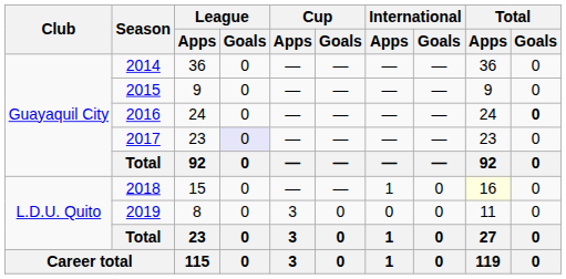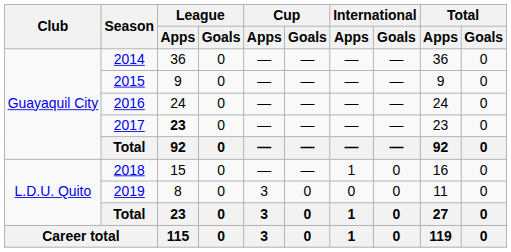 <table class="wikitable" style="text-align: center;">
 <tr>
 <th rowspan="2">Club</th>
 <th rowspan="2">Season</th>
 <th colspan="2">League</th>
 <th colspan="2">Cup</th>
 <th colspan="2">International</th>
 <th colspan="2">Total</th>
 </tr>
 <tr>
 <th>Apps</th>
 <th>Goals</th>
 <th>Apps</th>
 <th>Goals</th>
 <th>Apps</th>
 <th>Goals</th>
 <th>Apps</th>
 <th>Goals</th>
 </tr>
 <tr>
 <td rowspan="5"><a href='#'>Guayaquil City</a></td>
 <td><a href='#'>2014</a></td>
 <td>36</td>
 <td>0</td>
 <td>—</td>
 <td>—</td>
 <td>—</td>
 <td>—</td>
 <td>36</td>
 <td>0</td>
 </tr>
 <tr>
 <td><a href='#'>2015</a></td>
 <td>9</td>
 <td>0</td>
 <td>—</td>
 <td>—</td>
 <td>—</td>
 <td>—</td>
 <td>9</td>
 <td>0</td>
 </tr>
 <tr>
 <td><a href='#'>2016</a></td>
 <td>24</td>
 <td>0</td>
 <td>—</td>
 <td>—</td>
 <td>—</td>
 <td>—</td>
 <td>24</td>
-<td><strong>0</strong></td>
+<td>0</td>
 </tr>
 <tr>
 <td><a href='#'>2017</a></td>
-<td>23</td>
-<td style="background: lavender;">0</td>
+<td><strong>23</strong></td>
+<td>0</td>
 <td>—</td>
 <td>—</td>
 <td>—</td>
 <td>—</td>
 <td>23</td>
 <td>0</td>
 </tr>
 <tr>
 <th>Total</th>
 <th>92</th>
 <th>0</th>
 <th>—</th>
 <th>—</th>
 <th>—</th>
 <th>—</th>
 <th>92</th>
 <th>0</th>
 </tr>
 <tr>
 <td rowspan="3"><a href='#'>L.D.U. Quito</a></td>
 <td><a href='#'>2018</a></td>
 <td>15</td>
 <td>0</td>
 <td>—</td>
 <td>—</td>
 <td>1</td>
 <td>0</td>
-<td style="background: lightyellow;">16</td>
+<td>16</td>
 <td>0</td>
 </tr>
 <tr>
 <td><a href='#'>2019</a></td>
 <td>8</td>
 <td>0</td>
 <td>3</td>
 <td>0</td>
 <td>0</td>
 <td>0</td>
 <td>11</td>
 <td>0</td>
 </tr>
 <tr>
 <th>Total</th>
 <th>23</th>
 <th>0</th>
 <th>3</th>
 <th>0</th>
 <th>1</th>
 <th>0</th>
 <th>27</th>
 <th>0</th>
 </tr>
 <tr>
 <th colspan="2">Career total</th>
 <th>115</th>
 <th>0</th>
 <th>3</th>
 <th>0</th>
 <th>1</th>
 <th>0</th>
 <th>119</th>
 <th>0</th>
 </tr>
 </table>
